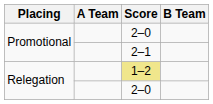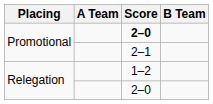 <table class=wikitable style="border:1px solid #AAAAAA;">
 <tr>
 <th>Placing</th>
 <th>A Team</th>
 <th>Score</th>
 <th>B Team</th>
 </tr>
 <tr>
 <td rowspan=2>Promotional</td>
 <td><strong></strong></td>
-<td align="center">2–0</td>
+<td align="center"><strong>2–0</strong></td>
 <td></td>
 </tr>
 <tr>
 <td><strong></strong></td>
 <td align="center">2–1</td>
 <td></td>
 </tr>
 <tr>
 <td rowspan=2>Relegation</td>
 <td><em></em></td>
-<td align="center" style="background: khaki;">1–2</td>
+<td align="center">1–2</td>
 <td></td>
 </tr>
 <tr>
 <td></td>
 <td align="center">2–0</td>
 <td><em></em></td>
 </tr>
 </table>
